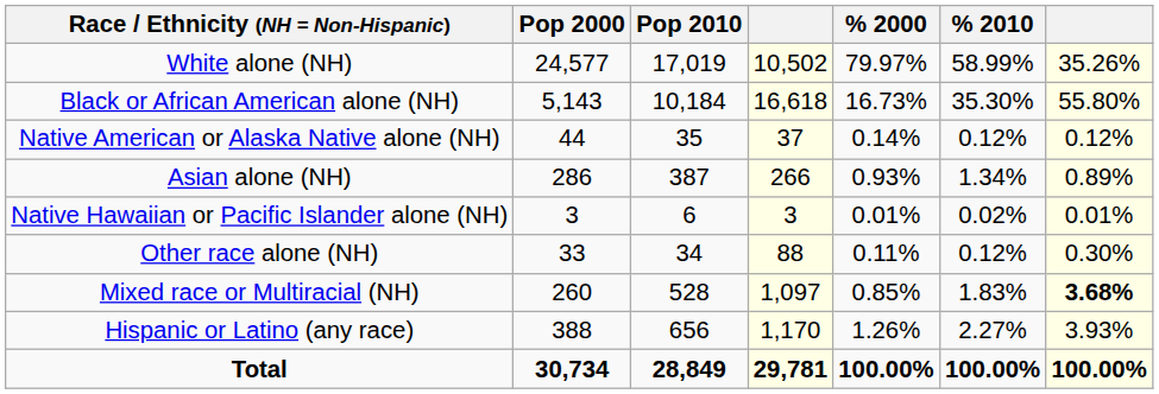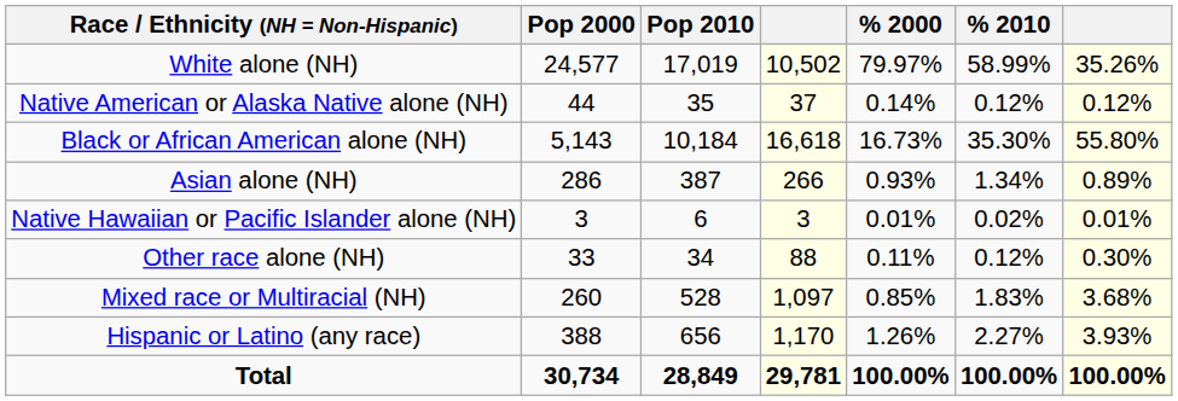 <table class="wikitable" style="text-align:center;">
 <tr>
 <th>Race / Ethnicity <small>(<em>NH = Non-Hispanic</em>)</small></th>
 <th>Pop 2000</th>
 <th>Pop 2010</th>
 <th></th>
 <th>% 2000</th>
 <th>% 2010</th>
 <th></th>
 </tr>
 <tr>
 <td><a href='#'>White</a> alone (NH)</td>
 <td>24,577</td>
 <td>17,019</td>
 <td style='background: #ffffe6;'>10,502</td>
 <td>79.97%</td>
 <td>58.99%</td>
 <td style='background: #ffffe6;'>35.26%</td>
 </tr>
 <tr>
+<td><a href='#'>Native American</a> or <a href='#'>Alaska Native</a> alone (NH)</td>
+<td>44</td>
+<td>35</td>
+<td style='background: #ffffe6;'>37</td>
+<td>0.14%</td>
+<td>0.12%</td>
+<td style='background: #ffffe6;'>0.12%</td>
+</tr>
+<tr>
 <td><a href='#'>Black or African American</a> alone (NH)</td>
 <td>5,143</td>
 <td>10,184</td>
 <td style='background: #ffffe6;'>16,618</td>
 <td>16.73%</td>
 <td>35.30%</td>
 <td style='background: #ffffe6;'>55.80%</td>
-</tr>
-<tr>
-<td><a href='#'>Native American</a> or <a href='#'>Alaska Native</a> alone (NH)</td>
-<td>44</td>
-<td>35</td>
-<td style='background: #ffffe6;'>37</td>
-<td>0.14%</td>
-<td>0.12%</td>
-<td style='background: #ffffe6;'>0.12%</td>
 </tr>
 <tr>
 <td><a href='#'>Asian</a> alone (NH)</td>
 <td>286</td>
 <td>387</td>
 <td style='background: #ffffe6;'>266</td>
 <td>0.93%</td>
 <td>1.34%</td>
 <td style='background: #ffffe6;'>0.89%</td>
 </tr>
 <tr>
 <td><a href='#'>Native Hawaiian</a> or <a href='#'>Pacific Islander</a> alone (NH)</td>
 <td>3</td>
 <td>6</td>
 <td style='background: #ffffe6;'>3</td>
 <td>0.01%</td>
 <td>0.02%</td>
 <td style='background: #ffffe6;'>0.01%</td>
 </tr>
 <tr>
 <td><a href='#'>Other race</a> alone (NH)</td>
 <td>33</td>
 <td>34</td>
 <td style='background: #ffffe6;'>88</td>
 <td>0.11%</td>
 <td>0.12%</td>
 <td style='background: #ffffe6;'>0.30%</td>
 </tr>
 <tr>
 <td><a href='#'>Mixed race or Multiracial</a> (NH)</td>
 <td>260</td>
 <td>528</td>
 <td style='background: #ffffe6;'>1,097</td>
 <td>0.85%</td>
 <td>1.83%</td>
-<td style='background: #ffffe6;'><strong>3.68%</strong></td>
+<td style='background: #ffffe6;'>3.68%</td>
 </tr>
 <tr>
 <td><a href='#'>Hispanic or Latino</a> (any race)</td>
 <td>388</td>
 <td>656</td>
 <td style='background: #ffffe6;'>1,170</td>
 <td>1.26%</td>
 <td>2.27%</td>
 <td style='background: #ffffe6;'>3.93%</td>
 </tr>
 <tr>
 <td><strong>Total</strong></td>
 <td><strong>30,734</strong></td>
 <td><strong>28,849</strong></td>
 <td style='background: #ffffe6;'><strong>29,781</strong></td>
 <td><strong>100.00%</strong></td>
 <td><strong>100.00%</strong></td>
 <td style='background: #ffffe6;'><strong>100.00%</strong></td>
 </tr>
 </table>
